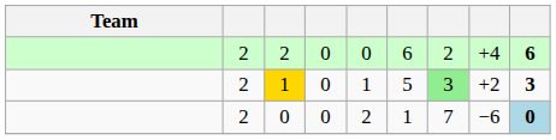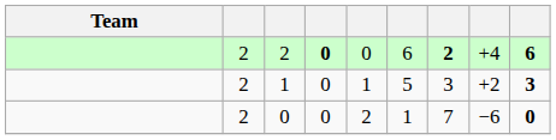 <table class="wikitable" style="text-align: center;">
 <tr>
 <th width="165">Team</th>
 <th width="25"></th>
 <th width="25"></th>
 <th width="25"></th>
 <th width="25"></th>
 <th width="25"></th>
 <th width="25"></th>
 <th width="25"></th>
 <th width="25"></th>
 </tr>
 <tr style="background:#cfc;">
 <td align=left></td>
 <td>2</td>
 <td>2</td>
-<td>0</td>
+<td><strong>0</strong></td>
 <td>0</td>
 <td>6</td>
-<td>2</td>
+<td><strong>2</strong></td>
 <td>+4</td>
 <td><strong>6</strong></td>
 </tr>
 <tr>
 <td align=left></td>
 <td>2</td>
-<td style="background: gold;">1</td>
+<td>1</td>
 <td>0</td>
 <td>1</td>
 <td>5</td>
-<td style="background: lightgreen;">3</td>
+<td>3</td>
 <td>+2</td>
 <td><strong>3</strong></td>
 </tr>
 <tr>
 <td align=left></td>
 <td>2</td>
 <td>0</td>
 <td>0</td>
 <td>2</td>
 <td>1</td>
 <td>7</td>
 <td>−6</td>
-<td style="background: lightblue;"><strong>0</strong></td>
+<td><strong>0</strong></td>
 </tr>
 <tr>
 </tr>
 </table>
